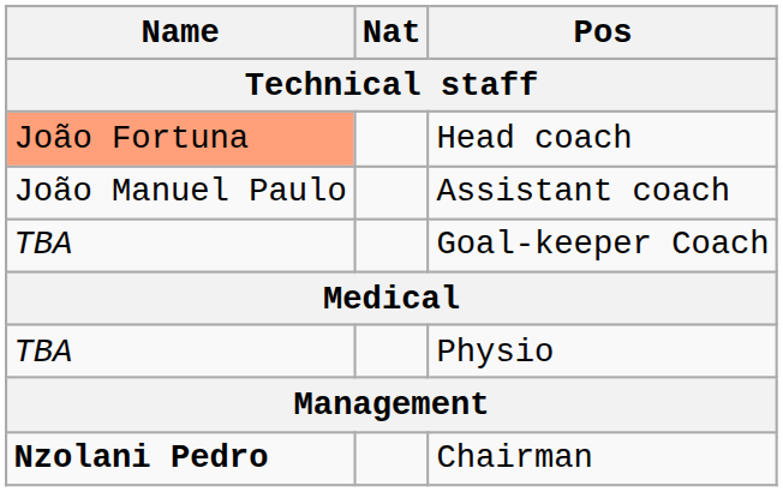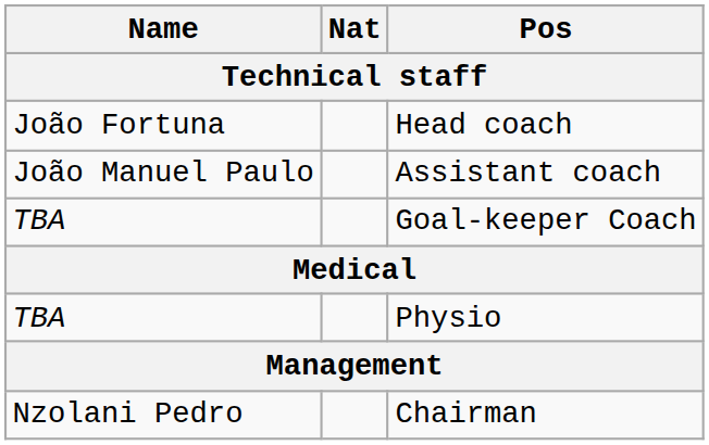 <table class="wikitable ve-ce-branchNode ve-ce-tableNode">
 <tr>
 <th>Name</th>
 <th>Nat</th>
 <th>Pos</th>
 </tr>
 <tr>
 <th colspan="4">Technical staff</th>
 </tr>
 <tr>
-<td style="background: lightsalmon;">João Fortuna</td>
+<td>João Fortuna</td>
 <td></td>
 <td>Head coach</td>
 </tr>
 <tr>
 <td>João Manuel Paulo</td>
 <td></td>
 <td>Assistant coach</td>
 </tr>
 <tr>
 <td><em>TBA</em></td>
 <td></td>
 <td>Goal-keeper Coach</td>
 </tr>
 <tr>
 <th colspan="4">Medical</th>
 </tr>
 <tr>
 <td><em>TBA</em></td>
 <td></td>
 <td>Physio</td>
 </tr>
 <tr>
 <th colspan="4">Management</th>
 </tr>
 <tr>
-<td><strong>Nzolani Pedro</strong></td>
+<td>Nzolani Pedro</td>
 <td></td>
 <td>Chairman</td>
 </tr>
 </table>
